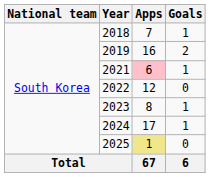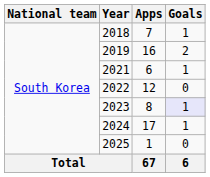 <table class="wikitable" style="text-align:center">
 <tr>
 <th>National team</th>
 <th>Year</th>
 <th>Apps</th>
 <th>Goals</th>
 </tr>
 <tr>
 <td rowspan="7"><a href='#'>South Korea</a></td>
 <td>2018</td>
 <td>7</td>
 <td>1</td>
 </tr>
 <tr>
 <td>2019</td>
 <td>16</td>
 <td>2</td>
 </tr>
 <tr>
 <td>2021</td>
-<td style="background: pink;">6</td>
+<td>6</td>
 <td>1</td>
 </tr>
 <tr>
 <td>2022</td>
 <td>12</td>
 <td>0</td>
 </tr>
 <tr>
 <td>2023</td>
 <td>8</td>
-<td>1</td>
+<td style="background: lavender;">1</td>
 </tr>
 <tr>
 <td>2024</td>
 <td>17</td>
 <td>1</td>
 </tr>
 <tr>
 <td>2025</td>
-<td style="background: khaki;">1</td>
+<td>1</td>
 <td>0</td>
 </tr>
 <tr>
 <th colspan="2">Total</th>
 <th>67</th>
 <th>6</th>
 </tr>
 </table>
